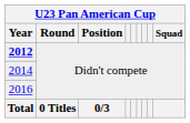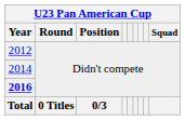 <table class="wikitable" style="text-align: center;">
 <tr>
 <th colspan=9><a href='#'>U23 Pan American Cup</a></th>
 </tr>
 <tr>
 <th>Year</th>
 <th>Round</th>
 <th>Position</th>
 <th></th>
 <th></th>
 <th></th>
 <th></th>
 <th></th>
 <th><small>Squad</small></th>
 </tr>
 <tr bgcolor="efefef">
-<td><strong> <a href='#'>2012</a></strong></td>
+<td> <a href='#'>2012</a></td>
 <td colspan=9 rowspan=3>Didn't compete</td>
 </tr>
 <tr bgcolor="efefef">
 <td> <a href='#'>2014</a></td>
 </tr>
 <tr bgcolor="efefef">
-<td> <a href='#'>2016</a></td>
+<td><strong> <a href='#'>2016</a></strong></td>
 </tr>
 <tr>
 <th>Total</th>
 <th>0 Titles</th>
 <th>0/3</th>
 <th></th>
 <th></th>
 <th></th>
 <th></th>
 <th></th>
 <th></th>
 </tr>
 </table>
